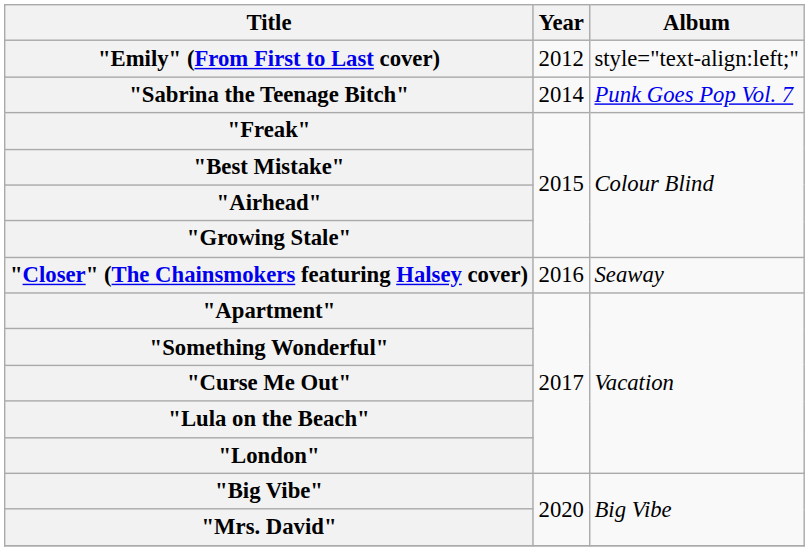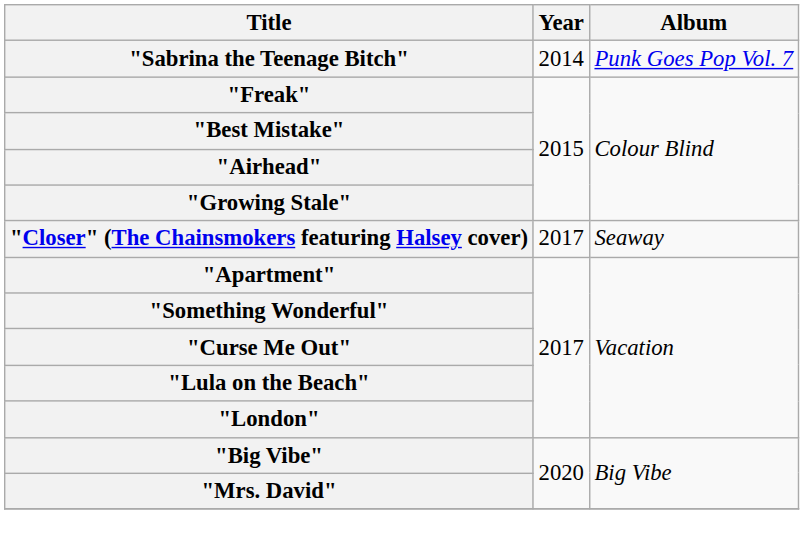 <table class="wikitable plainrowheaders" style="text-align:center;">
 <tr>
 <th scope=col>Title</th>
 <th scope=col>Year</th>
 <th scope=col>Album</th>
-</tr>
-<tr>
-<th scope="row">"Emily" (<a href='#'>From First to Last</a> cover)</th>
-<td>2012</td>
-<td>style="text-align:left;" </td>
 </tr>
 <tr>
 <th scope="row">"Sabrina the Teenage Bitch"</th>
 <td>2014</td>
 <td style="text-align:left;"><em><a href='#'>Punk Goes Pop Vol. 7</a></em></td>
 </tr>
 <tr>
 <th scope="row">"Freak"</th>
 <td rowspan="4">2015</td>
 <td rowspan="4" style="text-align:left;"><em>Colour Blind</em></td>
 </tr>
 <tr>
 <th scope="row">"Best Mistake"</th>
 </tr>
 <tr>
 <th scope="row">"Airhead"</th>
 </tr>
 <tr>
 <th scope="row">"Growing Stale"</th>
 </tr>
 <tr>
 <th scope="row">"<a href='#'>Closer</a>" (<a href='#'>The Chainsmokers</a> featuring <a href='#'>Halsey</a> cover)</th>
-<td>2016</td>
+<td>2017</td>
 <td style="text-align:left;"><em>Seaway</em></td>
 </tr>
 <tr>
 <th scope="row">"Apartment"</th>
 <td rowspan="5">2017</td>
 <td rowspan="5" style="text-align:left;"><em>Vacation</em></td>
 </tr>
 <tr>
 <th scope="row">"Something Wonderful"</th>
 </tr>
 <tr>
 <th scope="row">"Curse Me Out"</th>
 </tr>
 <tr>
 <th scope="row">"Lula on the Beach"</th>
 </tr>
 <tr>
 <th scope="row">"London"</th>
 </tr>
 <tr>
 <th scope="row">"Big Vibe"</th>
 <td rowspan="2">2020</td>
 <td rowspan="2" style="text-align:left;"><em>Big Vibe</em></td>
 </tr>
 <tr>
 <th scope="row">"Mrs. David"</th>
 </tr>
 <tr>
 </tr>
 </table>
